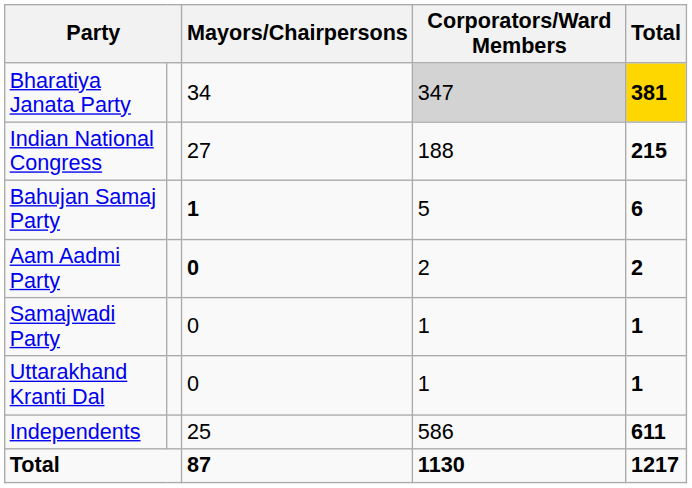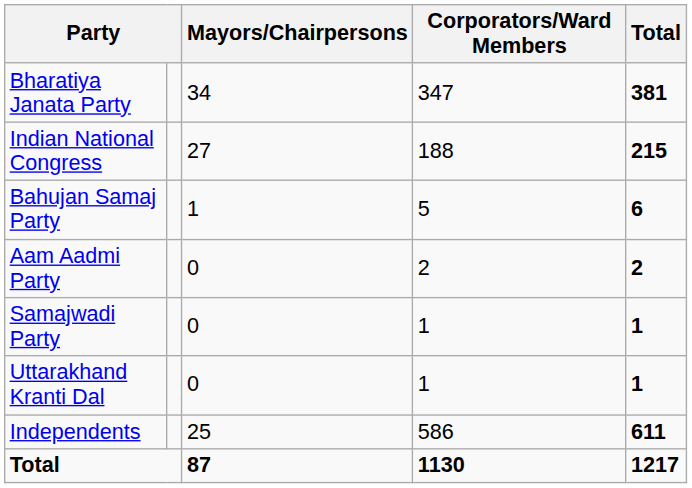 <table width="40%" cellpadding="2" cellspacing="0" border="1" style="border-collapse: collapse; border: 2px black; font-size: x-big; font-family: arial" class="wikitable sortable">
 <tr>
 <th colspan=2>Party</th>
 <th>Mayors/Chairpersons</th>
 <th>Corporators/Ward Members</th>
 <th>Total</th>
 </tr>
 <tr>
 <td><a href='#'>Bharatiya Janata Party</a></td>
 <td width="4px" style="background-color: "></td>
 <td>34</td>
-<td style="background: lightgrey;">347</td>
-<td style="background: gold;"><strong>381</strong></td>
+<td>347</td>
+<td><strong>381</strong></td>
 </tr>
 <tr>
 <td><a href='#'>Indian National Congress</a></td>
 <td width="4px" style="background-color: "></td>
 <td>27</td>
 <td>188</td>
 <td><strong>215</strong></td>
 </tr>
 <tr>
 <td><a href='#'>Bahujan Samaj Party</a></td>
 <td width="4px" style="background-color: "></td>
-<td><strong>1</strong></td>
+<td>1</td>
 <td>5</td>
 <td><strong>6</strong></td>
 </tr>
 <tr>
 <td><a href='#'>Aam Aadmi Party</a></td>
 <td width="4px" style="background-color: "></td>
-<td><strong>0</strong></td>
+<td>0</td>
 <td>2</td>
 <td><strong>2</strong></td>
 </tr>
 <tr>
 <td><a href='#'>Samajwadi Party</a></td>
 <td width="4px" style="background-color: "></td>
 <td>0</td>
 <td>1</td>
 <td><strong>1</strong></td>
 </tr>
 <tr>
 <td><a href='#'>Uttarakhand Kranti Dal</a></td>
 <td width="4px" style="background-color: "></td>
 <td>0</td>
 <td>1</td>
 <td><strong>1</strong></td>
 </tr>
 <tr>
 <td><a href='#'>Independents</a></td>
 <td width="4px" style="background-color: "></td>
 <td>25</td>
 <td>586</td>
 <td><strong>611</strong></td>
 </tr>
 <tr>
 <td colspan=2><strong>Total</strong></td>
 <td><strong>87</strong></td>
 <td><strong>1130</strong></td>
 <td><strong>1217</strong></td>
 </tr>
 </table>
